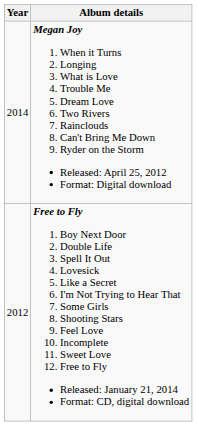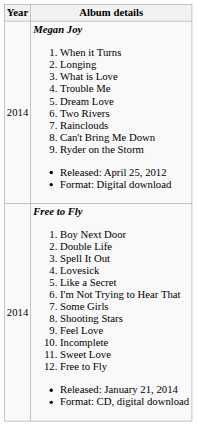 <table class="wikitable">
 <tr>
 <th>Year</th>
 <th>Album details</th>
 </tr>
 <tr>
 <td>2014</td>
 <td><strong><em>Megan Joy</em></strong><br><ol><li>When it Turns</li><li>Longing</li><li>What is Love</li><li>Trouble Me</li><li>Dream Love</li><li>Two Rivers</li><li>Rainclouds</li><li>Can't Bring Me Down</li><li>Ryder on the Storm</li></ol><ul><li>Released: April 25, 2012</li><li>Format: Digital download</li></ul></td>
 </tr>
 <tr>
-<td>2012</td>
+<td>2014</td>
 <td><strong><em>Free to Fly</em></strong><br><ol><li>Boy Next Door</li><li>Double Life</li><li>Spell It Out</li><li>Lovesick</li><li>Like a Secret</li><li>I'm Not Trying to Hear That</li><li>Some Girls</li><li>Shooting Stars</li><li>Feel Love</li><li>Incomplete</li><li>Sweet Love</li><li>Free to Fly</li></ol><ul><li>Released: January 21, 2014</li><li>Format: CD, digital download</li></ul></td>
 </tr>
 </table>
